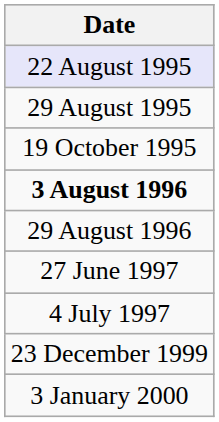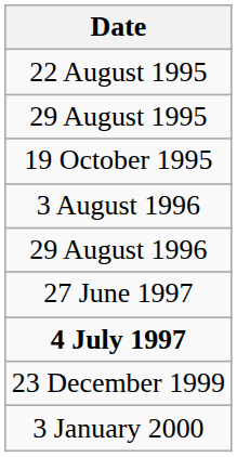 <table class="wikitable" style="text-align:center;">
 <tr>
 <th>Date</th>
 </tr>
 <tr>
-<td style="background: lavender;">22 August 1995</td>
+<td>22 August 1995</td>
 </tr>
 <tr>
 <td>29 August 1995</td>
 </tr>
 <tr>
 <td>19 October 1995</td>
 </tr>
 <tr>
-<td><strong>3 August 1996</strong></td>
+<td>3 August 1996</td>
 </tr>
 <tr>
 <td>29 August 1996</td>
 </tr>
 <tr>
 <td>27 June 1997</td>
 </tr>
 <tr>
-<td>4 July 1997</td>
+<td><strong>4 July 1997</strong></td>
 </tr>
 <tr>
 <td>23 December 1999</td>
 </tr>
 <tr>
 <td>3 January 2000</td>
 </tr>
 </table>
